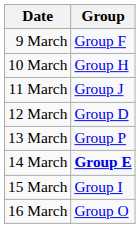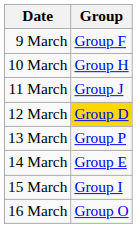 <table class="wikitable">
 <tr>
 <th>Date</th>
 <th>Group</th>
 </tr>
 <tr>
 <td style="text-align:right;">9 March</td>
 <td style="text-align:left;"><a href='#'>Group F</a></td>
 </tr>
 <tr>
 <td style="text-align:right;">10 March</td>
 <td style="text-align:left;"><a href='#'>Group H</a></td>
 </tr>
 <tr>
 <td style="text-align:right;">11 March</td>
 <td style="text-align:left;"><a href='#'>Group J</a></td>
 </tr>
 <tr>
 <td style="text-align:right;">12 March</td>
-<td style="text-align:left;"><a href='#'>Group D</a></td>
+<td style="background: gold; text-align:left;"><a href='#'>Group D</a></td>
 </tr>
 <tr>
 <td style="text-align:right;">13 March</td>
 <td style="text-align:left;"><a href='#'>Group P</a></td>
 </tr>
 <tr>
 <td style="text-align:right;">14 March</td>
-<td style="text-align:left;"><strong><a href='#'>Group E</a></strong></td>
+<td style="text-align:left;"><a href='#'>Group E</a></td>
 </tr>
 <tr>
 <td style="text-align:right;">15 March</td>
 <td style="text-align:left;"><a href='#'>Group I</a></td>
 </tr>
 <tr>
 <td style="text-align:right;">16 March</td>
 <td style="text-align:left;"><a href='#'>Group O</a></td>
 </tr>
 </table>
